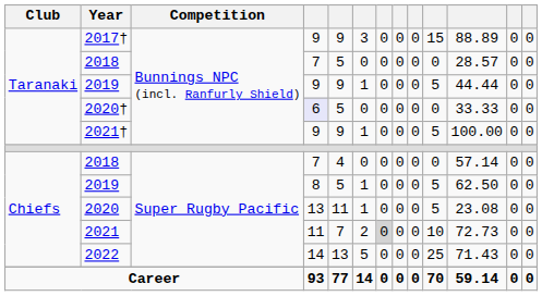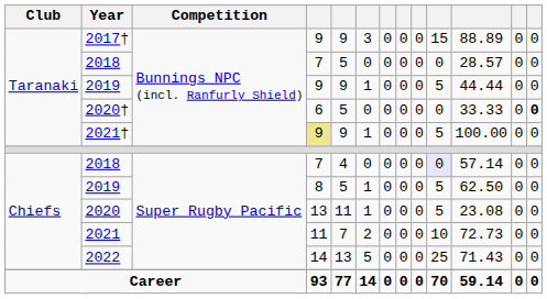 <table class="wikitable sortable" style="text-align:center; font-size:95%">
 <tr>
 <th>Club</th>
 <th>Year</th>
 <th>Competition</th>
 <th></th>
 <th></th>
 <th></th>
 <th></th>
 <th></th>
 <th></th>
 <th></th>
 <th></th>
 <th></th>
 <th></th>
 </tr>
 <tr>
 <td rowspan=5 style="text-align:left;"><a href='#'>Taranaki</a></td>
 <td style="text-align:left;"><a href='#'>2017</a>†</td>
 <td rowspan=5 style="text-align:left;"><a href='#'>Bunnings NPC</a><br><small>(incl. <a href='#'>Ranfurly Shield</a>)</small></td>
 <td>9</td>
 <td>9</td>
 <td>3</td>
 <td>0</td>
 <td>0</td>
 <td>0</td>
 <td>15</td>
 <td>88.89</td>
 <td>0</td>
 <td>0</td>
 </tr>
 <tr>
 <td style="text-align:left;"><a href='#'>2018</a></td>
 <td>7</td>
 <td>5</td>
 <td>0</td>
 <td>0</td>
 <td>0</td>
 <td>0</td>
 <td>0</td>
 <td>28.57</td>
 <td>0</td>
 <td>0</td>
 </tr>
 <tr>
 <td style="text-align:left;"><a href='#'>2019</a></td>
 <td>9</td>
 <td>9</td>
 <td>1</td>
 <td>0</td>
 <td>0</td>
 <td>0</td>
 <td>5</td>
 <td>44.44</td>
 <td>0</td>
 <td>0</td>
 </tr>
 <tr>
 <td style="text-align:left;"><a href='#'>2020</a>†</td>
-<td style="background: lavender;">6</td>
+<td>6</td>
 <td>5</td>
 <td>0</td>
 <td>0</td>
 <td>0</td>
 <td>0</td>
 <td>0</td>
 <td>33.33</td>
 <td>0</td>
-<td>0</td>
+<td><strong>0</strong></td>
 </tr>
 <tr>
 <td style="text-align:left;"><a href='#'>2021</a>†</td>
-<td>9</td>
+<td style="background: khaki;">9</td>
 <td>9</td>
 <td>1</td>
 <td>0</td>
 <td>0</td>
 <td>0</td>
 <td>5</td>
 <td>100.00</td>
 <td>0</td>
 <td>0</td>
 </tr>
 <tr>
 <td colspan=13 style="background-color: #DDDDDD"></td>
 </tr>
 <tr>
 <td rowspan=5 style="text-align:left;"><a href='#'>Chiefs</a></td>
 <td style="text-align:left;"><a href='#'>2018</a></td>
 <td rowspan=5 style="text-align:left;"><a href='#'>Super Rugby Pacific</a></td>
 <td>7</td>
 <td>4</td>
 <td>0</td>
 <td>0</td>
 <td>0</td>
 <td>0</td>
-<td>0</td>
+<td style="background: lavender;">0</td>
 <td>57.14</td>
 <td>0</td>
 <td>0</td>
 </tr>
 <tr>
 <td style="text-align:left;"><a href='#'>2019</a></td>
 <td>8</td>
 <td>5</td>
 <td>1</td>
 <td>0</td>
 <td>0</td>
 <td>0</td>
 <td>5</td>
 <td>62.50</td>
 <td>0</td>
 <td>0</td>
 </tr>
 <tr>
 <td style="text-align:left;"><a href='#'>2020</a></td>
 <td>13</td>
 <td>11</td>
 <td>1</td>
 <td>0</td>
 <td>0</td>
 <td>0</td>
 <td>5</td>
 <td>23.08</td>
 <td>0</td>
 <td>0</td>
 </tr>
 <tr>
 <td style="text-align:left;"><a href='#'>2021</a></td>
 <td>11</td>
 <td>7</td>
 <td>2</td>
-<td style="background: lightgrey;">0</td>
+<td>0</td>
 <td>0</td>
 <td>0</td>
 <td>10</td>
 <td>72.73</td>
 <td>0</td>
 <td>0</td>
 </tr>
 <tr>
 <td style="text-align:left;"><a href='#'>2022</a></td>
 <td>14</td>
 <td>13</td>
 <td>5</td>
 <td>0</td>
 <td>0</td>
 <td>0</td>
 <td>25</td>
 <td>71.43</td>
 <td>0</td>
 <td>0</td>
 </tr>
 <tr>
 </tr>
 <tr class="sortbottom" valign="top">
 <td colspan=3 style="text-align: center"><strong>Career</strong></td>
 <td><strong>93</strong></td>
 <td><strong>77</strong></td>
 <td><strong>14</strong></td>
 <td><strong>0</strong></td>
 <td><strong>0</strong></td>
 <td><strong>0</strong></td>
 <td><strong>70</strong></td>
 <td><strong>59.14</strong></td>
 <td><strong>0</strong></td>
 <td><strong>0</strong></td>
 </tr>
 </table>
